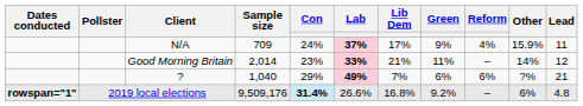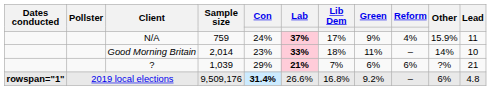 <table class="wikitable sortable tpl-blanktable" style="text-align:center;font-size:90%;line-height:14px;">
 <tr>
 <th rowspan="2">Dates<br>conducted</th>
 <th rowspan="2">Pollster</th>
 <th rowspan="2">Client</th>
 <th data-sort-type="number" rowspan="2">Sample<br>size</th>
 <th class="unsortable" style="width:50px;"><a href='#'>Con</a></th>
 <th class="unsortable" style="width:50px;"><a href='#'>Lab</a></th>
 <th class="unsortable" style="width:50px;"><a href='#'>Lib Dem</a></th>
 <th class="unsortable" style="width:50px;"><a href='#'>Green</a></th>
 <th class="unsortable" style="width:50px;"><a href='#'>Reform</a></th>
 <th class="unsortable" rowspan="2">Other</th>
 <th data-sort-type="number" rowspan="2">Lead</th>
 </tr>
 <tr>
 <th data-sort-type="number" style="background:"></th>
 <th data-sort-type="number" style="background:"></th>
 <th data-sort-type="number" style="background:"></th>
 <th data-sort-type="number" style="background:"></th>
 <th data-sort-type="number" style="background:"></th>
 </tr>
 <tr>
 <td></td>
 <td></td>
 <td>N/A</td>
-<td>709</td>
+<td>759</td>
 <td>24%</td>
 <td style="background:#FFCCD9"><strong>37%</strong></td>
 <td>17%</td>
 <td>9%</td>
 <td>4%</td>
 <td>15.9%</td>
 <td style="background:">11</td>
 </tr>
 <tr>
 <td></td>
 <td></td>
 <td><em>Good Morning Britain</em></td>
 <td>2,014</td>
 <td>23%</td>
 <td style="background:#FFCCD9"><strong>33%</strong></td>
-<td>21%</td>
+<td>18%</td>
 <td>11%</td>
 <td>–</td>
 <td>14%</td>
-<td style="background:">12</td>
+<td style="background:">10</td>
 </tr>
 <tr>
 <td></td>
 <td></td>
 <td>?</td>
-<td>1,040</td>
+<td>1,039</td>
 <td>29%</td>
-<td style="background:#FFCCD9"><strong>49%</strong></td>
+<td style="background:#FFCCD9"><strong>21%</strong></td>
 <td>7%</td>
 <td>6%</td>
 <td>6%</td>
 <td>?%</td>
 <td style="background:">21</td>
 </tr>
 <tr style="background:#E9E9E9;">
 <td><strong>rowspan="1" </strong></td>
 <td colspan="2"><a href='#'>2019 local elections</a></td>
 <td>9,509,176</td>
 <td style="background:#CCEBFF;"><strong>31.4%</strong></td>
 <td>26.6%</td>
 <td>16.8%</td>
 <td>9.2%</td>
 <td>–</td>
 <td>6%</td>
 <td style="background:">4.8</td>
 </tr>
 </table>
